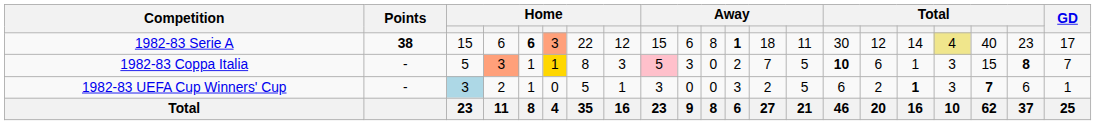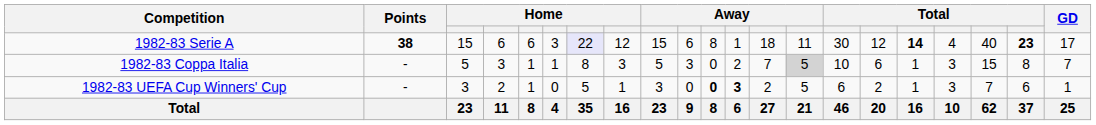 <table class="wikitable" style="width:100%;margin:auto;clear:both;text-align:center;">
 <tr>
 <th rowspan="2">Competition</th>
 <th rowspan="2">Points</th>
 <th colspan="6">Home</th>
 <th colspan="6">Away</th>
 <th colspan="6">Total</th>
 <th rowspan="2"><a href='#'>GD</a></th>
 </tr>
 <tr>
 <th></th>
 <th></th>
 <th></th>
 <th></th>
 <th></th>
 <th></th>
 <th></th>
 <th></th>
 <th></th>
 <th></th>
 <th></th>
 <th></th>
 <th></th>
 <th></th>
 <th></th>
 <th></th>
 <th></th>
 <th></th>
 </tr>
 <tr>
 <td><a href='#'>1982-83 Serie A</a></td>
 <td><strong>38</strong></td>
 <td>15</td>
 <td>6</td>
-<td><strong>6</strong></td>
-<td style="background: lightsalmon;">3</td>
-<td>22</td>
+<td>6</td>
+<td>3</td>
+<td style="background: lavender;">22</td>
 <td>12</td>
 <td>15</td>
 <td>6</td>
 <td>8</td>
-<td><strong>1</strong></td>
+<td>1</td>
 <td>18</td>
 <td>11</td>
 <td>30</td>
 <td>12</td>
-<td>14</td>
-<td style="background: khaki;">4</td>
+<td><strong>14</strong></td>
+<td>4</td>
 <td>40</td>
-<td>23</td>
+<td><strong>23</strong></td>
 <td>17</td>
 </tr>
 <tr>
 <td><a href='#'>1982-83 Coppa Italia</a></td>
 <td>-</td>
 <td>5</td>
-<td style="background: lightsalmon;">3</td>
+<td>3</td>
 <td>1</td>
-<td style="background: gold;">1</td>
+<td>1</td>
 <td>8</td>
 <td>3</td>
-<td style="background: pink;">5</td>
+<td>5</td>
 <td>3</td>
 <td>0</td>
 <td>2</td>
 <td>7</td>
-<td>5</td>
-<td><strong>10</strong></td>
+<td style="background: lightgrey;">5</td>
+<td>10</td>
 <td>6</td>
 <td>1</td>
 <td>3</td>
 <td>15</td>
-<td><strong>8</strong></td>
+<td>8</td>
 <td>7</td>
 </tr>
 <tr>
 <td><a href='#'>1982-83 UEFA Cup Winners' Cup</a></td>
 <td>-</td>
-<td style="background: lightblue;">3</td>
+<td>3</td>
 <td>2</td>
 <td>1</td>
 <td>0</td>
 <td>5</td>
 <td>1</td>
 <td>3</td>
 <td>0</td>
-<td>0</td>
-<td>3</td>
+<td><strong>0</strong></td>
+<td><strong>3</strong></td>
 <td>2</td>
 <td>5</td>
 <td>6</td>
 <td>2</td>
-<td><strong>1</strong></td>
+<td>1</td>
 <td>3</td>
-<td><strong>7</strong></td>
+<td>7</td>
 <td>6</td>
 <td>1</td>
 </tr>
 <tr>
 <th>Total</th>
 <th></th>
 <th>23</th>
 <th>11</th>
 <th>8</th>
 <th>4</th>
 <th>35</th>
 <th>16</th>
 <th>23</th>
 <th>9</th>
 <th>8</th>
 <th>6</th>
 <th>27</th>
 <th>21</th>
 <th>46</th>
 <th>20</th>
 <th>16</th>
 <th>10</th>
 <th>62</th>
 <th>37</th>
 <th>25</th>
 </tr>
 </table>
